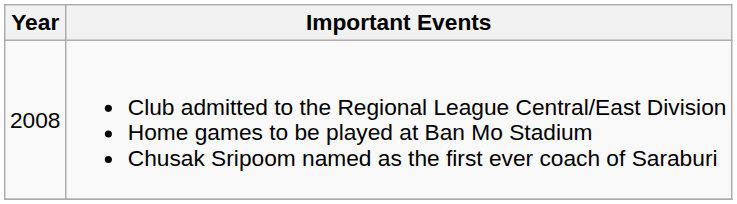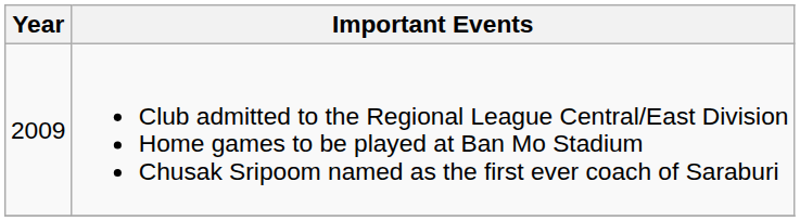 <table class="wikitable">
 <tr>
 <th>Year</th>
 <th>Important Events</th>
 </tr>
 <tr>
-<td>2008</td>
+<td>2009</td>
 <td><br><ul><li>Club admitted to the Regional League Central/East Division</li><li>Home games to be played at Ban Mo Stadium</li><li>Chusak Sripoom named as the first ever coach of Saraburi</li></ul></td>
 </tr>
 <tr>
 </tr>
 </table>
